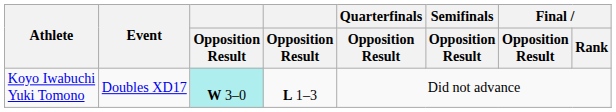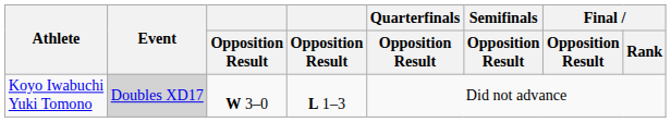 <table class=wikitable style="font-size:90%">
 <tr align=center>
 <th rowspan="2">Athlete</th>
 <th rowspan="2">Event</th>
 <th></th>
 <th></th>
 <th>Quarterfinals</th>
 <th>Semifinals</th>
 <th colspan="2">Final / </th>
 </tr>
 <tr>
 <th>Opposition<br>Result</th>
 <th>Opposition<br>Result</th>
 <th>Opposition<br>Result</th>
 <th>Opposition<br>Result</th>
 <th>Opposition<br>Result</th>
 <th>Rank</th>
 </tr>
 <tr align=center>
 <td align=left><a href='#'>Koyo Iwabuchi</a><br><a href='#'>Yuki Tomono</a></td>
-<td align=left><a href='#'>Doubles XD17</a></td>
-<td style="background: paleturquoise;"><br><strong>W</strong> 3–0</td>
+<td align=left style="background: lightgrey;"><a href='#'>Doubles XD17</a></td>
+<td><br><strong>W</strong> 3–0</td>
 <td><br><strong>L</strong> 1–3</td>
 <td colspan=4>Did not advance</td>
 </tr>
 </table>
